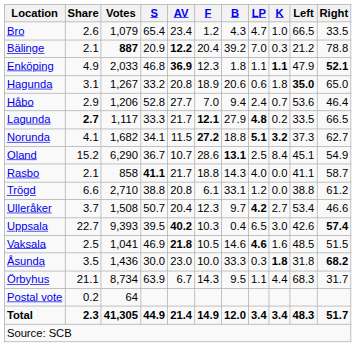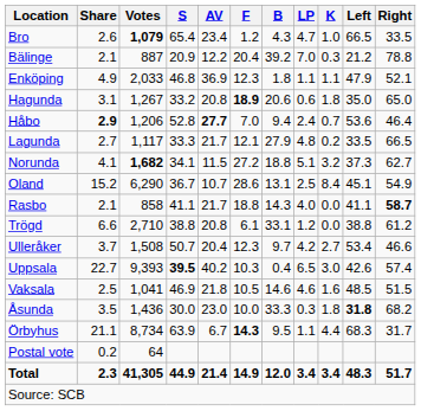 <table class="wikitable sortable" style=text-align:right>
 <tr>
 <th>Location</th>
 <th>Share</th>
 <th>Votes</th>
 <th><a href='#'>S</a></th>
 <th><a href='#'>AV</a></th>
 <th><a href='#'>F</a></th>
 <th><a href='#'>B</a></th>
 <th><a href='#'>LP</a></th>
 <th><a href='#'>K</a></th>
 <th>Left</th>
 <th>Right</th>
 </tr>
 <tr>
 <td align=left><a href='#'>Bro</a></td>
 <td>2.6</td>
-<td>1,079</td>
+<td><strong>1,079</strong></td>
 <td>65.4</td>
 <td>23.4</td>
 <td>1.2</td>
 <td>4.3</td>
 <td>4.7</td>
 <td>1.0</td>
 <td>66.5</td>
 <td>33.5</td>
 </tr>
 <tr>
 <td align=left><a href='#'>Bälinge</a></td>
 <td>2.1</td>
-<td><strong>887</strong></td>
+<td>887</td>
 <td>20.9</td>
-<td><strong>12.2</strong></td>
+<td>12.2</td>
 <td>20.4</td>
 <td>39.2</td>
 <td>7.0</td>
 <td>0.3</td>
 <td>21.2</td>
 <td>78.8</td>
 </tr>
 <tr>
 <td align=left><a href='#'>Enköping</a></td>
 <td>4.9</td>
 <td>2,033</td>
 <td>46.8</td>
-<td><strong>36.9</strong></td>
+<td>36.9</td>
 <td>12.3</td>
 <td>1.8</td>
 <td>1.1</td>
-<td><strong>1.1</strong></td>
+<td>1.1</td>
 <td>47.9</td>
-<td><strong>52.1</strong></td>
+<td>52.1</td>
 </tr>
 <tr>
 <td align=left><a href='#'>Hagunda</a></td>
 <td>3.1</td>
 <td>1,267</td>
 <td>33.2</td>
 <td>20.8</td>
-<td>18.9</td>
+<td><strong>18.9</strong></td>
 <td>20.6</td>
 <td>0.6</td>
 <td>1.8</td>
-<td><strong>35.0</strong></td>
+<td>35.0</td>
 <td>65.0</td>
 </tr>
 <tr>
 <td align=left><a href='#'>Håbo</a></td>
-<td>2.9</td>
+<td><strong>2.9</strong></td>
 <td>1,206</td>
 <td>52.8</td>
-<td>27.7</td>
+<td><strong>27.7</strong></td>
 <td>7.0</td>
 <td>9.4</td>
 <td>2.4</td>
 <td>0.7</td>
 <td>53.6</td>
 <td>46.4</td>
 </tr>
 <tr>
 <td align=left><a href='#'>Lagunda</a></td>
-<td><strong>2.7</strong></td>
+<td>2.7</td>
 <td>1,117</td>
 <td>33.3</td>
 <td>21.7</td>
-<td><strong>12.1</strong></td>
+<td>12.1</td>
 <td>27.9</td>
-<td><strong>4.8</strong></td>
+<td>4.8</td>
 <td>0.2</td>
 <td>33.5</td>
 <td>66.5</td>
 </tr>
 <tr>
 <td align=left><a href='#'>Norunda</a></td>
 <td>4.1</td>
-<td>1,682</td>
+<td><strong>1,682</strong></td>
 <td>34.1</td>
 <td>11.5</td>
-<td><strong>27.2</strong></td>
+<td>27.2</td>
 <td>18.8</td>
-<td><strong>5.1</strong></td>
-<td><strong>3.2</strong></td>
+<td>5.1</td>
+<td>3.2</td>
 <td>37.3</td>
 <td>62.7</td>
 </tr>
 <tr>
 <td align=left><a href='#'>Oland</a></td>
 <td>15.2</td>
 <td>6,290</td>
 <td>36.7</td>
 <td>10.7</td>
 <td>28.6</td>
-<td><strong>13.1</strong></td>
+<td>13.1</td>
 <td>2.5</td>
 <td>8.4</td>
 <td>45.1</td>
 <td>54.9</td>
 </tr>
 <tr>
 <td align=left><a href='#'>Rasbo</a></td>
 <td>2.1</td>
 <td>858</td>
-<td><strong>41.1</strong></td>
+<td>41.1</td>
 <td>21.7</td>
 <td>18.8</td>
 <td>14.3</td>
 <td>4.0</td>
 <td>0.0</td>
 <td>41.1</td>
-<td>58.7</td>
+<td><strong>58.7</strong></td>
 </tr>
 <tr>
 <td align=left><a href='#'>Trögd</a></td>
 <td>6.6</td>
 <td>2,710</td>
 <td>38.8</td>
 <td>20.8</td>
 <td>6.1</td>
 <td>33.1</td>
 <td>1.2</td>
 <td>0.0</td>
 <td>38.8</td>
 <td>61.2</td>
 </tr>
 <tr>
 <td align=left><a href='#'>Ulleråker</a></td>
 <td>3.7</td>
 <td>1,508</td>
 <td>50.7</td>
 <td>20.4</td>
 <td>12.3</td>
 <td>9.7</td>
-<td><strong>4.2</strong></td>
+<td>4.2</td>
 <td>2.7</td>
 <td>53.4</td>
 <td>46.6</td>
 </tr>
 <tr>
 <td align=left><a href='#'>Uppsala</a></td>
 <td>22.7</td>
 <td>9,393</td>
-<td>39.5</td>
-<td><strong>40.2</strong></td>
+<td><strong>39.5</strong></td>
+<td>40.2</td>
 <td>10.3</td>
 <td>0.4</td>
 <td>6.5</td>
 <td>3.0</td>
 <td>42.6</td>
-<td><strong>57.4</strong></td>
+<td>57.4</td>
 </tr>
 <tr>
 <td align=left><a href='#'>Vaksala</a></td>
 <td>2.5</td>
 <td>1,041</td>
 <td>46.9</td>
-<td><strong>21.8</strong></td>
+<td>21.8</td>
 <td>10.5</td>
 <td>14.6</td>
-<td><strong>4.6</strong></td>
+<td>4.6</td>
 <td>1.6</td>
 <td>48.5</td>
 <td>51.5</td>
 </tr>
 <tr>
 <td align=left><a href='#'>Åsunda</a></td>
 <td>3.5</td>
 <td>1,436</td>
 <td>30.0</td>
 <td>23.0</td>
 <td>10.0</td>
 <td>33.3</td>
 <td>0.3</td>
-<td><strong>1.8</strong></td>
-<td>31.8</td>
-<td><strong>68.2</strong></td>
+<td>1.8</td>
+<td><strong>31.8</strong></td>
+<td>68.2</td>
 </tr>
 <tr>
 <td align=left><a href='#'>Örbyhus</a></td>
 <td>21.1</td>
 <td>8,734</td>
 <td>63.9</td>
 <td>6.7</td>
-<td>14.3</td>
+<td><strong>14.3</strong></td>
 <td>9.5</td>
 <td>1.1</td>
 <td>4.4</td>
 <td>68.3</td>
 <td>31.7</td>
 </tr>
 <tr>
 <td align=left><a href='#'>Postal vote</a></td>
 <td>0.2</td>
 <td>64</td>
 <td></td>
 <td></td>
 <td></td>
 <td></td>
 <td></td>
 <td></td>
 <td></td>
 <td></td>
 </tr>
 <tr>
 <td align=left><strong>Total</strong></td>
 <td><strong>2.3</strong></td>
 <td><strong>41,305</strong></td>
 <td><strong>44.9</strong></td>
 <td><strong>21.4</strong></td>
 <td><strong>14.9</strong></td>
 <td><strong>12.0</strong></td>
 <td><strong>3.4</strong></td>
 <td><strong>3.4</strong></td>
 <td><strong>48.3</strong></td>
 <td><strong>51.7</strong></td>
 </tr>
 <tr>
 <td align=left colspan=11>Source: SCB </td>
 </tr>
 </table>
